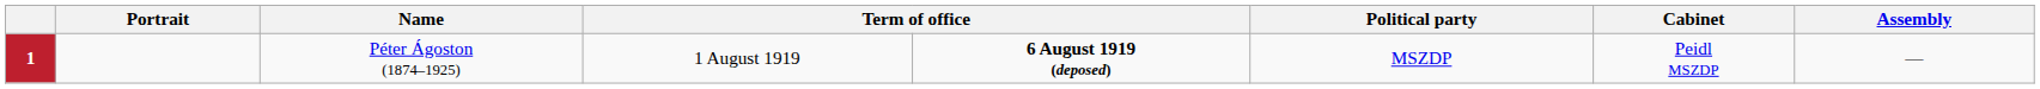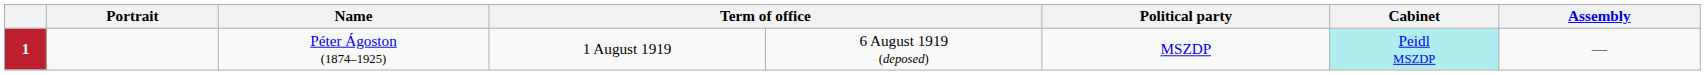 <table class="wikitable" style="width:90%; text-align:center;">
 <tr>
 <th></th>
 <th>Portrait</th>
 <th>Name<br></th>
 <th colspan=2>Term of office</th>
 <th>Political party</th>
 <th>Cabinet</th>
 <th><a href='#'>Assembly</a><br></th>
 </tr>
 <tr>
 <th style="background-color:#BE1F2E; color:white">1</th>
 <td></td>
 <td><a href='#'>Péter Ágoston</a><br><small>(1874–1925)</small></td>
 <td>1 August 1919</td>
-<td><strong>6 August 1919<br><small>(<em>deposed</em>)</small></strong></td>
+<td>6 August 1919<br><small>(<em>deposed</em>)</small></td>
 <td><a href='#'>MSZDP</a></td>
-<td><a href='#'>Peidl</a><br><small><a href='#'>MSZDP</a></small></td>
+<td style="background: paleturquoise;"><a href='#'>Peidl</a><br><small><a href='#'>MSZDP</a></small></td>
 <td>—</td>
 </tr>
 </table>
